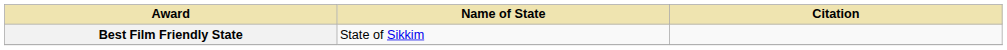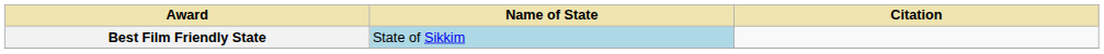 <table class="wikitable plainrowheaders" style="width:100%;">
 <tr>
 <th style="background-color:#EFE4B0;width:20%;">Award</th>
 <th style="background-color:#EFE4B0;width:20%;">Name of State</th>
 <th style="background-color:#EFE4B0;width:20%;">Citation</th>
 </tr>
 <tr>
 <th scope="row">Best Film Friendly State</th>
-<td>State of <a href='#'>Sikkim</a></td>
+<td style="background: lightblue;">State of <a href='#'>Sikkim</a></td>
 <td></td>
 </tr>
 <tr>
 </tr>
 </table>
